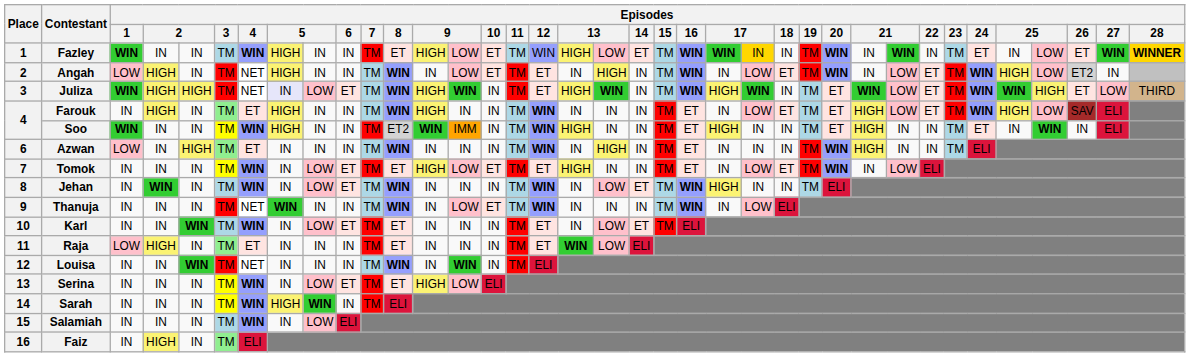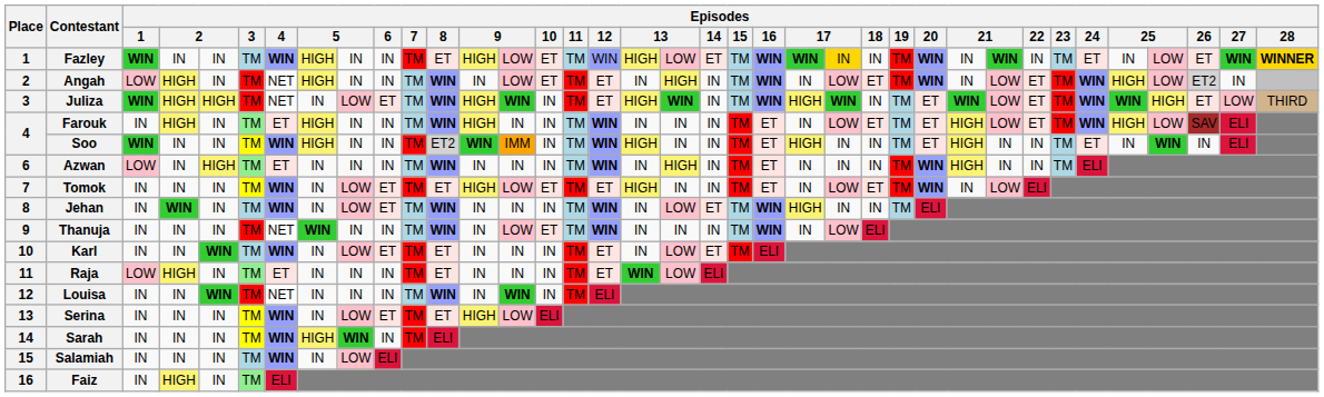 <table class="wikitable" style="text-align:center; font-size:6.75pt">
 <tr>
 <th rowspan="2">Place</th>
 <th rowspan="2">Contestant</th>
 <th colspan="35">Episodes</th>
 </tr>
 <tr>
 <th>1</th>
 <th colspan="2">2</th>
 <th>3</th>
 <th>4</th>
 <th colspan="2">5</th>
 <th>6</th>
 <th>7</th>
 <th>8</th>
 <th colspan="2">9</th>
 <th>10</th>
 <th>11</th>
 <th>12</th>
 <th colspan="2">13</th>
 <th>14</th>
 <th>15</th>
 <th>16</th>
 <th colspan="2">17</th>
 <th>18</th>
 <th>19</th>
 <th>20</th>
 <th colspan="2">21</th>
 <th>22</th>
 <th>23</th>
 <th>24</th>
 <th colspan="2">25</th>
 <th>26</th>
 <th>27</th>
 <th>28</th>
 </tr>
 <tr>
 <th>1</th>
 <th>Fazley</th>
 <td bgcolor=limegreen><strong>WIN</strong></td>
 <td>IN</td>
 <td>IN</td>
 <td bgcolor=lightblue>TM</td>
 <td bgcolor=#959FFD><strong>WIN</strong></td>
 <td bgcolor=#FBF373>HIGH</td>
 <td>IN</td>
 <td>IN</td>
 <td bgcolor=red>TM</td>
 <td bgcolor=mistyrose>ET</td>
 <td bgcolor=#FBF373>HIGH</td>
 <td bgcolor=pink>LOW</td>
 <td bgcolor=mistyrose>ET</td>
 <td bgcolor=lightblue>TM</td>
 <td bgcolor=#959FFD>WIN</td>
 <td bgcolor=#FBF373>HIGH</td>
 <td bgcolor=pink>LOW</td>
 <td bgcolor=mistyrose>ET</td>
 <td bgcolor=lightblue>TM</td>
 <td bgcolor=#959FFD><strong>WIN</strong></td>
 <td bgcolor=limegreen><strong>WIN</strong></td>
 <td style="background: gold;">IN</td>
 <td>IN</td>
 <td bgcolor=red>TM</td>
 <td bgcolor=#959FFD><strong>WIN</strong></td>
 <td>IN</td>
 <td bgcolor=limegreen><strong>WIN</strong></td>
 <td>IN</td>
 <td bgcolor=lightblue>TM</td>
 <td bgcolor=mistyrose>ET</td>
 <td>IN</td>
 <td bgcolor=pink>LOW</td>
 <td bgcolor=mistyrose>ET</td>
 <td bgcolor=limegreen><strong>WIN</strong></td>
 <td bgcolor=gold><strong>WINNER</strong></td>
 </tr>
 <tr>
 <th>2</th>
 <th>Angah</th>
 <td bgcolor=pink>LOW</td>
 <td bgcolor=#FBF373>HIGH</td>
 <td>IN</td>
 <td bgcolor=red>TM</td>
 <td bgcolor=white>NET</td>
 <td bgcolor=#FBF373>HIGH</td>
 <td>IN</td>
 <td>IN</td>
 <td bgcolor=lightblue>TM</td>
 <td bgcolor=#959FFD><strong>WIN</strong></td>
 <td>IN</td>
 <td bgcolor=pink>LOW</td>
 <td bgcolor=mistyrose>ET</td>
 <td bgcolor=red>TM</td>
 <td bgcolor=mistyrose>ET</td>
 <td>IN</td>
 <td bgcolor=#FBF373>HIGH</td>
 <td>IN</td>
 <td bgcolor=lightblue>TM</td>
 <td bgcolor=#959FFD><strong>WIN</strong></td>
 <td>IN</td>
 <td bgcolor=pink>LOW</td>
 <td bgcolor=mistyrose>ET</td>
 <td bgcolor=red>TM</td>
 <td bgcolor=#959FFD><strong>WIN</strong></td>
 <td>IN</td>
 <td bgcolor=pink>LOW</td>
 <td bgcolor=mistyrose>ET</td>
 <td bgcolor=red>TM</td>
 <td bgcolor=#959FFD><strong>WIN</strong></td>
 <td bgcolor=#FBF373>HIGH</td>
 <td bgcolor=pink>LOW</td>
 <td bgcolor=lightgray>ET2</td>
 <td>IN</td>
 <td bgcolor=silver></td>
 </tr>
 <tr>
 <th>3</th>
 <th>Juliza</th>
 <td bgcolor=limegreen><strong>WIN</strong></td>
 <td bgcolor=#FBF373>HIGH</td>
 <td bgcolor=#FBF373>HIGH</td>
 <td bgcolor=red>TM</td>
 <td bgcolor=white>NET</td>
-<td style="background: lavender;">IN</td>
+<td>IN</td>
 <td bgcolor=pink>LOW</td>
 <td bgcolor=mistyrose>ET</td>
 <td bgcolor=lightblue>TM</td>
 <td bgcolor=#959FFD><strong>WIN</strong></td>
 <td bgcolor=#FBF373>HIGH</td>
 <td bgcolor=limegreen><strong>WIN</strong></td>
 <td>IN</td>
 <td bgcolor=red>TM</td>
 <td bgcolor=mistyrose>ET</td>
 <td bgcolor=#FBF373>HIGH</td>
 <td bgcolor=limegreen><strong>WIN</strong></td>
 <td>IN</td>
 <td bgcolor=lightblue>TM</td>
 <td bgcolor=#959FFD><strong>WIN</strong></td>
 <td bgcolor=#FBF373>HIGH</td>
 <td bgcolor=limegreen><strong>WIN</strong></td>
 <td>IN</td>
 <td bgcolor=lightblue>TM</td>
 <td bgcolor=mistyrose>ET</td>
 <td bgcolor=limegreen><strong>WIN</strong></td>
 <td bgcolor=pink>LOW</td>
 <td bgcolor=mistyrose>ET</td>
 <td bgcolor=red>TM</td>
 <td bgcolor=#959FFD><strong>WIN</strong></td>
 <td bgcolor=limegreen><strong>WIN</strong></td>
 <td bgcolor=#FBF373>HIGH</td>
 <td bgcolor=mistyrose>ET</td>
 <td bgcolor=pink>LOW</td>
 <td bgcolor=tan>THIRD</td>
 </tr>
 <tr>
 <th rowspan="2">4</th>
 <th>Farouk</th>
 <td>IN</td>
 <td bgcolor=#FBF373>HIGH</td>
 <td>IN</td>
 <td bgcolor=lightgreen>TM</td>
 <td bgcolor=mistyrose>ET</td>
 <td bgcolor=#FBF373>HIGH</td>
 <td>IN</td>
 <td>IN</td>
 <td bgcolor=lightblue>TM</td>
 <td bgcolor=#959FFD><strong>WIN</strong></td>
 <td bgcolor=#FBF373>HIGH</td>
 <td>IN</td>
 <td>IN</td>
 <td bgcolor=lightblue>TM</td>
 <td bgcolor=#959FFD><strong>WIN</strong></td>
 <td>IN</td>
 <td>IN</td>
 <td>IN</td>
 <td bgcolor=red>TM</td>
 <td bgcolor=mistyrose>ET</td>
 <td>IN</td>
 <td bgcolor=pink>LOW</td>
 <td bgcolor=mistyrose>ET</td>
 <td bgcolor=lightblue>TM</td>
 <td bgcolor=mistyrose>ET</td>
 <td bgcolor=#FBF373>HIGH</td>
 <td bgcolor=pink>LOW</td>
 <td bgcolor=mistyrose>ET</td>
 <td bgcolor=red>TM</td>
 <td bgcolor=#959FFD><strong>WIN</strong></td>
 <td bgcolor=#FBF373>HIGH</td>
 <td bgcolor=pink>LOW</td>
 <td bgcolor=brown>SAV</td>
 <td bgcolor=crimson>ELI</td>
 <td bgcolor="gray"></td>
 </tr>
 <tr>
 <th>Soo</th>
 <td bgcolor=limegreen><strong>WIN</strong></td>
 <td>IN</td>
 <td>IN</td>
 <td bgcolor=yellow>TM</td>
 <td bgcolor=#959FFD><strong>WIN</strong></td>
 <td bgcolor=#FBF373>HIGH</td>
 <td>IN</td>
 <td>IN</td>
 <td bgcolor=red>TM</td>
 <td bgcolor=lightgray>ET2</td>
 <td bgcolor=limegreen><strong>WIN</strong></td>
 <td bgcolor=orange>IMM</td>
 <td>IN</td>
 <td bgcolor=lightblue>TM</td>
 <td bgcolor=#959FFD><strong>WIN</strong></td>
 <td bgcolor=#FBF373>HIGH</td>
 <td>IN</td>
 <td>IN</td>
 <td bgcolor=red>TM</td>
 <td bgcolor=mistyrose>ET</td>
 <td bgcolor=#FBF373>HIGH</td>
 <td>IN</td>
 <td>IN</td>
 <td bgcolor=lightblue>TM</td>
 <td bgcolor=mistyrose>ET</td>
 <td bgcolor=#FBF373>HIGH</td>
 <td>IN</td>
 <td>IN</td>
 <td bgcolor=lightblue>TM</td>
 <td bgcolor=mistyrose>ET</td>
 <td>IN</td>
 <td bgcolor=limegreen><strong>WIN</strong></td>
 <td>IN</td>
 <td bgcolor=crimson>ELI</td>
 <td bgcolor="gray"></td>
 </tr>
 <tr>
 <th>6</th>
 <th>Azwan</th>
 <td bgcolor=pink>LOW</td>
 <td>IN</td>
 <td bgcolor=#FBF373>HIGH</td>
 <td bgcolor=lightgreen>TM</td>
 <td bgcolor=mistyrose>ET</td>
 <td>IN</td>
 <td>IN</td>
 <td>IN</td>
 <td bgcolor=lightblue>TM</td>
 <td bgcolor=#959FFD><strong>WIN</strong></td>
 <td>IN</td>
 <td>IN</td>
 <td>IN</td>
 <td bgcolor=lightblue>TM</td>
 <td bgcolor=#959FFD><strong>WIN</strong></td>
 <td>IN</td>
 <td bgcolor=#FBF373>HIGH</td>
 <td>IN</td>
 <td bgcolor=red>TM</td>
 <td bgcolor=mistyrose>ET</td>
 <td>IN</td>
 <td>IN</td>
 <td>IN</td>
 <td bgcolor=red>TM</td>
 <td bgcolor=#959FFD><strong>WIN</strong></td>
 <td bgcolor=#FBF373>HIGH</td>
 <td>IN</td>
 <td>IN</td>
 <td bgcolor=lightblue>TM</td>
 <td bgcolor=crimson>ELI</td>
 <td colspan="5" bgcolor="gray"></td>
 </tr>
 <tr>
 <th>7</th>
 <th>Tomok</th>
 <td>IN</td>
 <td>IN</td>
 <td>IN</td>
 <td bgcolor=yellow>TM</td>
 <td bgcolor=#959FFD><strong>WIN</strong></td>
 <td>IN</td>
 <td bgcolor=pink>LOW</td>
 <td bgcolor=mistyrose>ET</td>
 <td bgcolor=red>TM</td>
 <td bgcolor=mistyrose>ET</td>
 <td bgcolor=#FBF373>HIGH</td>
 <td bgcolor=pink>LOW</td>
 <td bgcolor=mistyrose>ET</td>
 <td bgcolor=red>TM</td>
 <td bgcolor=mistyrose>ET</td>
 <td bgcolor=#FBF373>HIGH</td>
 <td>IN</td>
 <td>IN</td>
 <td bgcolor=red>TM</td>
 <td bgcolor=mistyrose>ET</td>
 <td>IN</td>
 <td bgcolor=pink>LOW</td>
 <td bgcolor=mistyrose>ET</td>
 <td bgcolor=red>TM</td>
 <td bgcolor=#959FFD><strong>WIN</strong></td>
 <td>IN</td>
 <td bgcolor=pink>LOW</td>
 <td bgcolor=crimson>ELI</td>
 <td colspan="7" bgcolor="gray"></td>
 </tr>
 <tr>
 <th>8</th>
 <th>Jehan</th>
 <td>IN</td>
 <td bgcolor=limegreen><strong>WIN</strong></td>
 <td>IN</td>
 <td bgcolor=lightblue>TM</td>
 <td bgcolor=#959FFD><strong>WIN</strong></td>
 <td>IN</td>
 <td bgcolor=pink>LOW</td>
 <td bgcolor=mistyrose>ET</td>
 <td bgcolor=lightblue>TM</td>
 <td bgcolor=#959FFD><strong>WIN</strong></td>
 <td>IN</td>
 <td>IN</td>
 <td>IN</td>
 <td bgcolor=lightblue>TM</td>
 <td bgcolor=#959FFD><strong>WIN</strong></td>
 <td>IN</td>
 <td bgcolor=pink>LOW</td>
 <td bgcolor=mistyrose>ET</td>
 <td bgcolor=lightblue>TM</td>
 <td bgcolor=#959FFD><strong>WIN</strong></td>
 <td bgcolor=#FBF373>HIGH</td>
 <td>IN</td>
 <td>IN</td>
 <td bgcolor=lightblue>TM</td>
 <td bgcolor=crimson>ELI</td>
 <td colspan="10" bgcolor="gray"></td>
 </tr>
 <tr>
 <th>9</th>
 <th>Thanuja</th>
 <td>IN</td>
 <td>IN</td>
 <td>IN</td>
 <td bgcolor=red>TM</td>
 <td bgcolor=white>NET</td>
 <td bgcolor=limegreen><strong>WIN</strong></td>
 <td>IN</td>
 <td>IN</td>
 <td bgcolor=lightblue>TM</td>
 <td bgcolor=#959FFD><strong>WIN</strong></td>
 <td>IN</td>
 <td bgcolor=pink>LOW</td>
 <td bgcolor=mistyrose>ET</td>
 <td bgcolor=lightblue>TM</td>
 <td bgcolor=#959FFD><strong>WIN</strong></td>
 <td>IN</td>
 <td>IN</td>
 <td>IN</td>
 <td bgcolor=lightblue>TM</td>
 <td bgcolor=#959FFD><strong>WIN</strong></td>
 <td>IN</td>
 <td bgcolor=pink>LOW</td>
 <td bgcolor=crimson>ELI</td>
 <td colspan="12" bgcolor="gray"></td>
 </tr>
 <tr>
 <th>10</th>
 <th>Karl</th>
 <td>IN</td>
 <td>IN</td>
 <td bgcolor=limegreen><strong>WIN</strong></td>
 <td bgcolor=lightblue>TM</td>
 <td bgcolor=#959FFD><strong>WIN</strong></td>
 <td>IN</td>
 <td bgcolor=pink>LOW</td>
 <td bgcolor=mistyrose>ET</td>
 <td bgcolor=red>TM</td>
 <td bgcolor=mistyrose>ET</td>
 <td>IN</td>
 <td>IN</td>
 <td>IN</td>
 <td bgcolor=red>TM</td>
 <td bgcolor=mistyrose>ET</td>
 <td>IN</td>
 <td bgcolor=pink>LOW</td>
 <td bgcolor=mistyrose>ET</td>
 <td bgcolor=red>TM</td>
 <td bgcolor=crimson>ELI</td>
 <td colspan="15" bgcolor="gray"></td>
 </tr>
 <tr>
 <th>11</th>
 <th>Raja</th>
 <td bgcolor=pink>LOW</td>
 <td bgcolor=#FBF373>HIGH</td>
 <td>IN</td>
 <td bgcolor=lightgreen>TM</td>
 <td bgcolor=mistyrose>ET</td>
 <td>IN</td>
 <td>IN</td>
 <td>IN</td>
 <td bgcolor=red>TM</td>
 <td bgcolor=mistyrose>ET</td>
 <td>IN</td>
 <td>IN</td>
 <td>IN</td>
 <td bgcolor=red>TM</td>
 <td bgcolor=mistyrose>ET</td>
 <td bgcolor=limegreen><strong>WIN</strong></td>
 <td bgcolor=pink>LOW</td>
 <td bgcolor=crimson>ELI</td>
 <td colspan="17" bgcolor="gray"></td>
 </tr>
 <tr>
 <th>12</th>
 <th>Louisa</th>
 <td>IN</td>
 <td>IN</td>
 <td bgcolor=limegreen><strong>WIN</strong></td>
 <td bgcolor=red>TM</td>
 <td bgcolor=white>NET</td>
 <td>IN</td>
 <td>IN</td>
 <td>IN</td>
 <td bgcolor=lightblue>TM</td>
 <td bgcolor=#959FFD><strong>WIN</strong></td>
 <td>IN</td>
 <td bgcolor=limegreen><strong>WIN</strong></td>
 <td>IN</td>
 <td bgcolor=red>TM</td>
 <td bgcolor=crimson>ELI</td>
 <td colspan="20" bgcolor="gray"></td>
 </tr>
 <tr>
 <th>13</th>
 <th>Serina</th>
 <td>IN</td>
 <td>IN</td>
 <td>IN</td>
 <td bgcolor=yellow>TM</td>
 <td bgcolor=#959FFD><strong>WIN</strong></td>
 <td>IN</td>
 <td bgcolor=pink>LOW</td>
 <td bgcolor=mistyrose>ET</td>
 <td bgcolor=red>TM</td>
 <td bgcolor=mistyrose>ET</td>
 <td bgcolor=#FBF373>HIGH</td>
 <td bgcolor=pink>LOW</td>
 <td bgcolor=crimson>ELI</td>
 <td colspan="22" bgcolor="gray"></td>
 </tr>
 <tr>
 <th>14</th>
 <th>Sarah</th>
 <td>IN</td>
 <td>IN</td>
 <td>IN</td>
 <td bgcolor=yellow>TM</td>
 <td bgcolor=#959FFD><strong>WIN</strong></td>
 <td bgcolor=#FBF373>HIGH</td>
 <td bgcolor=limegreen><strong>WIN</strong></td>
 <td>IN</td>
 <td bgcolor=red>TM</td>
 <td bgcolor=crimson>ELI</td>
 <td colspan="25" bgcolor="gray"></td>
 </tr>
 <tr>
 <th>15</th>
 <th>Salamiah</th>
 <td>IN</td>
 <td>IN</td>
 <td>IN</td>
 <td bgcolor=lightblue>TM</td>
 <td bgcolor=#959FFD><strong>WIN</strong></td>
 <td>IN</td>
 <td bgcolor=pink>LOW</td>
 <td bgcolor=crimson>ELI</td>
 <td colspan="27" bgcolor="gray"></td>
 </tr>
 <tr>
 <th>16</th>
 <th>Faiz</th>
 <td>IN</td>
 <td bgcolor=#FBF373>HIGH</td>
 <td>IN</td>
 <td bgcolor=lightgreen>TM</td>
 <td bgcolor=crimson>ELI</td>
 <td colspan="30" bgcolor="gray"></td>
 </tr>
 </table>
